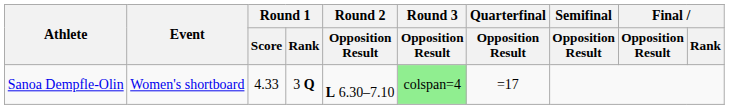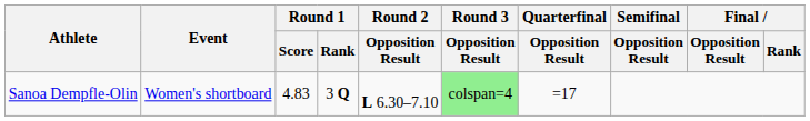 <table class=wikitable style="font-size:90%">
 <tr>
 <th rowspan=2>Athlete</th>
 <th rowspan=2>Event</th>
 <th colspan=2>Round 1</th>
 <th>Round 2</th>
 <th>Round 3</th>
 <th>Quarterfinal</th>
 <th>Semifinal</th>
 <th colspan=2>Final / </th>
 </tr>
 <tr style=font-size:95%>
 <th>Score</th>
 <th>Rank</th>
 <th>Opposition<br>Result</th>
 <th>Opposition<br>Result</th>
 <th>Opposition<br>Result</th>
 <th>Opposition<br>Result</th>
 <th>Opposition<br>Result</th>
 <th>Rank</th>
 </tr>
 <tr align=center>
 <td align=left><a href='#'>Sanoa Dempfle-Olin</a></td>
 <td align=left><a href='#'>Women's shortboard</a></td>
-<td>4.33</td>
+<td>4.83</td>
 <td>3 <strong>Q</strong></td>
 <td><br><strong>L</strong> 6.30–7.10</td>
 <td style="background: lightgreen;">colspan=4 </td>
 <td>=17</td>
 </tr>
 </table>
